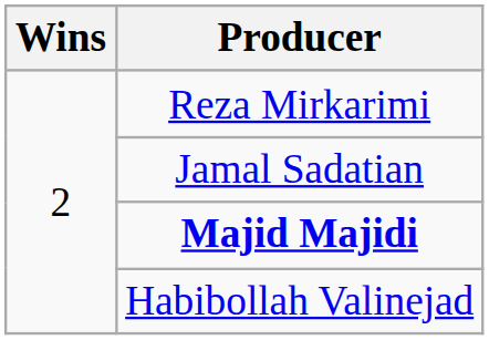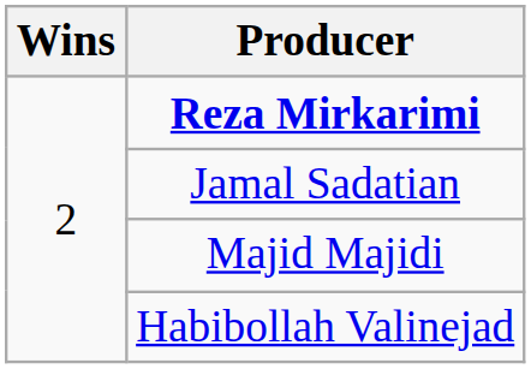 <table class="wikitable" style="text-align:center;">
 <tr>
 <th>Wins</th>
 <th>Producer</th>
 </tr>
 <tr>
 <td rowspan=4 style="text-align:center;">2</td>
-<td><a href='#'>Reza Mirkarimi</a></td>
+<td><strong><a href='#'>Reza Mirkarimi</a></strong></td>
 </tr>
 <tr>
 <td><a href='#'>Jamal Sadatian</a></td>
 </tr>
 <tr>
-<td><strong><a href='#'>Majid Majidi</a></strong></td>
+<td><a href='#'>Majid Majidi</a></td>
 </tr>
 <tr>
 <td><a href='#'>Habibollah Valinejad</a></td>
 </tr>
 </table>
